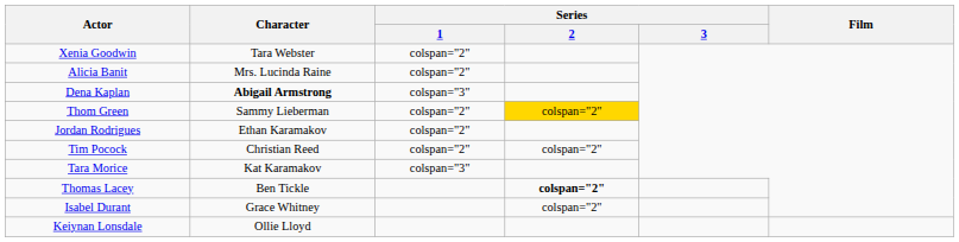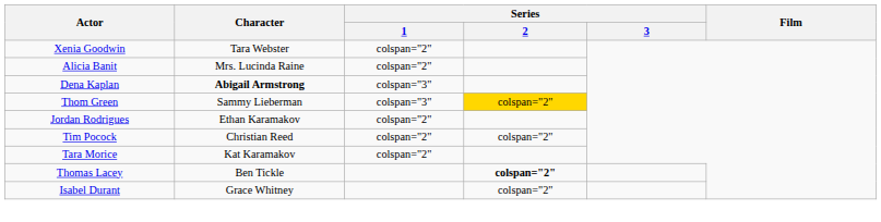 <table class="wikitable plainrowheaders" style="text-align: center">
 <tr>
 <th scope="col" rowspan="2" style="width: 10%">Actor</th>
 <th scope="col" rowspan="2" style="width: 10%">Character</th>
 <th scope="col" colspan="3">Series</th>
 <th scope="col" rowspan="2" style="width: 10%">Film</th>
 </tr>
 <tr>
 <th scope="col" style="width: 7%"><a href='#'>1</a></th>
 <th scope="col" style="width: 7%"><a href='#'>2</a></th>
 <th scope="col" style="width: 7%"><a href='#'>3</a></th>
 </tr>
 <tr>
 <td><a href='#'>Xenia Goodwin</a></td>
 <td>Tara Webster</td>
 <td>colspan="2" </td>
 <td></td>
 </tr>
 <tr>
 <td><a href='#'>Alicia Banit</a></td>
 <td>Mrs. Lucinda Raine</td>
 <td>colspan="2" </td>
 <td></td>
 </tr>
 <tr>
 <td><a href='#'>Dena Kaplan</a></td>
 <td><strong>Abigail Armstrong</strong></td>
 <td>colspan="3" </td>
 <td></td>
 </tr>
 <tr>
 <td><a href='#'>Thom Green</a></td>
 <td>Sammy Lieberman</td>
-<td>colspan="2" </td>
+<td>colspan="3" </td>
 <td style="background: gold;">colspan="2" </td>
 </tr>
 <tr>
 <td><a href='#'>Jordan Rodrigues</a></td>
 <td>Ethan Karamakov</td>
 <td>colspan="2" </td>
 <td></td>
 </tr>
 <tr>
 <td><a href='#'>Tim Pocock</a></td>
 <td>Christian Reed</td>
 <td>colspan="2" </td>
 <td>colspan="2" </td>
 </tr>
 <tr>
 <td><a href='#'>Tara Morice</a></td>
 <td>Kat Karamakov</td>
-<td>colspan="3" </td>
+<td>colspan="2" </td>
 <td></td>
 </tr>
 <tr>
 <td><a href='#'>Thomas Lacey</a></td>
 <td>Ben Tickle</td>
 <td></td>
 <td><strong>colspan="2" </strong></td>
 <td></td>
 </tr>
 <tr>
 <td><a href='#'>Isabel Durant</a></td>
 <td>Grace Whitney</td>
 <td></td>
 <td>colspan="2" </td>
 <td></td>
 </tr>
-<tr>
-<td><a href='#'>Keiynan Lonsdale</a></td>
-<td>Ollie Lloyd</td>
-<td></td>
-<td></td>
-<td></td>
-<td></td>
-</tr>
 </table>
